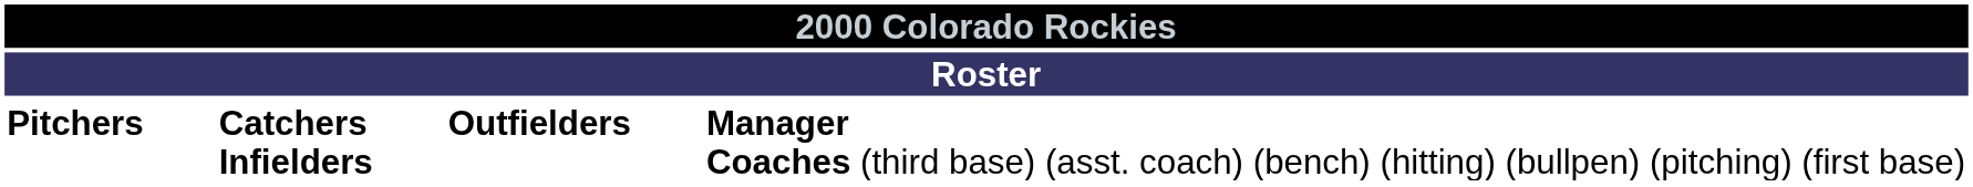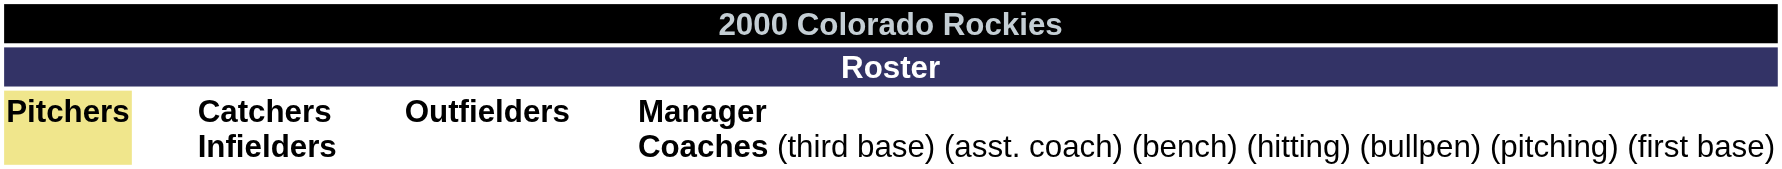 <table class="toccolours" style="font-size: 95%;">
 <tr>
 <th colspan="10" style="background:#000000; color:#C4CED4; text-align:center;">2000 Colorado Rockies</th>
 </tr>
 <tr>
 <td colspan="10" style="background:#333366; color:#FFFFFF; text-align:center;"><strong>Roster</strong></td>
 </tr>
 <tr>
-<td valign="top"><strong>Pitchers</strong><br>                       </td>
+<td valign="top" style="background: khaki;"><strong>Pitchers</strong><br>                       </td>
 <td style="width:25px;"></td>
 <td valign="top"><strong>Catchers</strong><br>   <strong>Infielders</strong>           </td>
 <td style="width:25px;"></td>
 <td valign="top"><strong>Outfielders</strong><br>          </td>
 <td style="width:25px;"></td>
 <td valign="top"><strong>Manager</strong><br> <strong>Coaches</strong>   (third base)  (asst. coach)  (bench)  (hitting)  (bullpen)  (pitching)  (first base)</td>
 </tr>
 </table>
